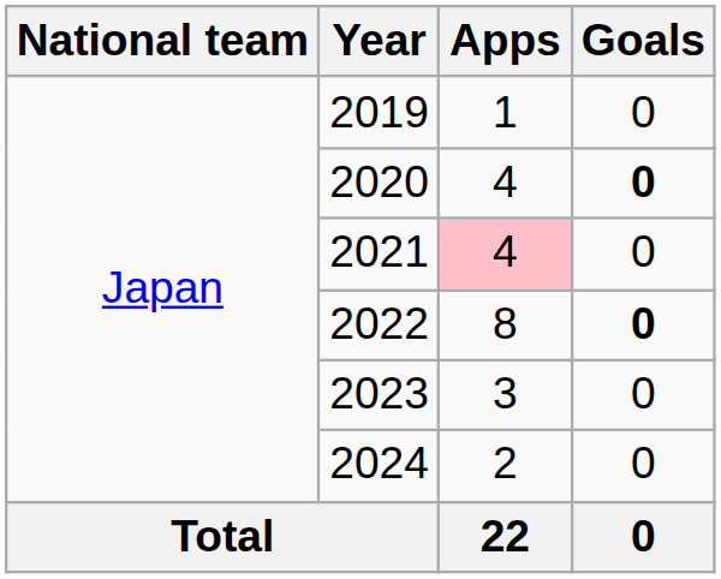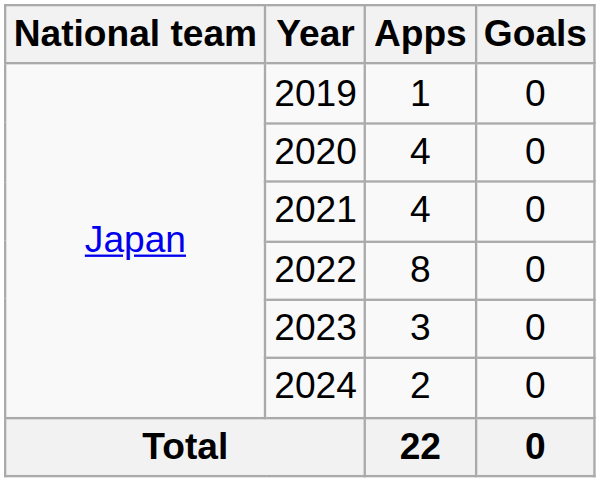 <table class="wikitable" style="text-align:center">
 <tr>
 <th>National team</th>
 <th>Year</th>
 <th>Apps</th>
 <th>Goals</th>
 </tr>
 <tr>
 <td rowspan="6"><a href='#'>Japan</a></td>
 <td>2019</td>
 <td>1</td>
 <td>0</td>
 </tr>
 <tr>
 <td>2020</td>
 <td>4</td>
-<td><strong>0</strong></td>
+<td>0</td>
 </tr>
 <tr>
 <td>2021</td>
-<td style="background: pink;">4</td>
+<td>4</td>
 <td>0</td>
 </tr>
 <tr>
 <td>2022</td>
 <td>8</td>
-<td><strong>0</strong></td>
+<td>0</td>
 </tr>
 <tr>
 <td>2023</td>
 <td>3</td>
 <td>0</td>
 </tr>
 <tr>
 <td>2024</td>
 <td>2</td>
 <td>0</td>
 </tr>
 <tr>
 <th colspan="2">Total</th>
 <th>22</th>
 <th>0</th>
 </tr>
 </table>
